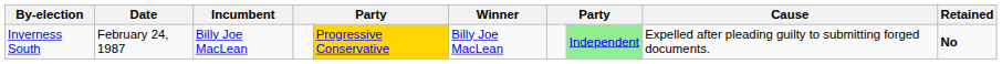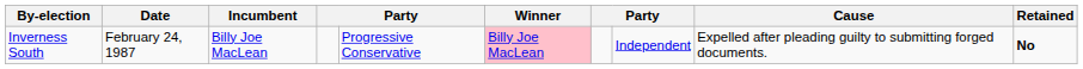 <table class=wikitable style="width:100%">
 <tr>
 <th>By-election</th>
 <th>Date</th>
 <th>Incumbent</th>
 <th colspan=2>Party</th>
 <th>Winner</th>
 <th colspan=2>Party</th>
 <th>Cause</th>
 <th>Retained</th>
 </tr>
 <tr>
 <td><a href='#'>Inverness South</a></td>
 <td>February 24, 1987</td>
 <td><a href='#'>Billy Joe MacLean</a></td>
 <td>    </td>
-<td style="background: gold;"><a href='#'>Progressive Conservative</a></td>
-<td><a href='#'>Billy Joe MacLean</a></td>
+<td><a href='#'>Progressive Conservative</a></td>
+<td style="background: pink;"><a href='#'>Billy Joe MacLean</a></td>
 <td>    </td>
-<td style="background: lightgreen;"><a href='#'>Independent</a></td>
+<td><a href='#'>Independent</a></td>
 <td>Expelled after pleading guilty to submitting forged documents.</td>
 <td><strong>No</strong></td>
 </tr>
 </table>
